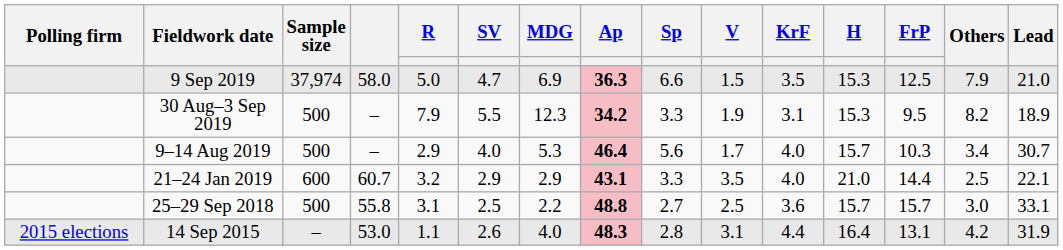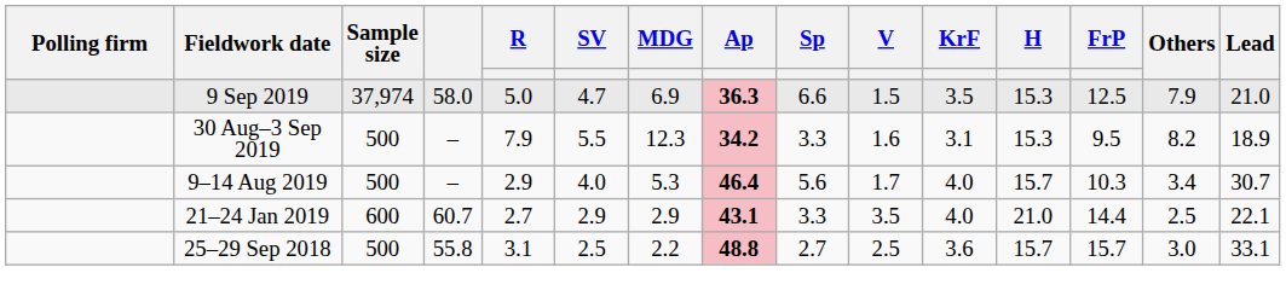 <table class="wikitable sortable" style="text-align:center;font-size:90%;line-height:14px;">
 <tr style="height:40px;">
 <th style="width:100px;" rowspan="2">Polling firm</th>
 <th style="width:100px;" rowspan="2">Fieldwork date</th>
 <th style="width:35px;" rowspan="2">Sample<br>size</th>
 <th style="width:30px;" rowspan="2"></th>
 <th class="unsortable" style="width:40px;"><a href='#'>R</a></th>
 <th class="unsortable" style="width:40px;"><a href='#'>SV</a></th>
 <th class="unsortable" style="width:40px;"><a href='#'>MDG</a></th>
 <th class="unsortable" style="width:40px;"><a href='#'>Ap</a></th>
 <th class="unsortable" style="width:40px;"><a href='#'>Sp</a></th>
 <th class="unsortable" style="width:40px;"><a href='#'>V</a></th>
 <th class="unsortable" style="width:40px;"><a href='#'>KrF</a></th>
 <th class="unsortable" style="width:40px;"><a href='#'>H</a></th>
 <th class="unsortable" style="width:40px;"><a href='#'>FrP</a></th>
 <th class="unsortable" style="width:30px;" rowspan="2">Others</th>
 <th style="width:30px;" rowspan="2">Lead</th>
 </tr>
 <tr>
 <th style="background:"></th>
 <th style="background:"></th>
 <th style="background:"></th>
 <th style="background:"></th>
 <th style="background:"></th>
 <th style="background:"></th>
 <th style="background:"></th>
 <th style="background:"></th>
 <th style="background:"></th>
 </tr>
 <tr style="background:#E9E9E9;">
 <td></td>
 <td data-sort-value="2019-09-09">9 Sep 2019</td>
 <td>37,974</td>
 <td>58.0</td>
 <td>5.0</td>
 <td>4.7</td>
 <td>6.9</td>
 <td style="background:#F7BDC5;"><strong>36.3</strong></td>
 <td>6.6</td>
 <td>1.5</td>
 <td>3.5</td>
 <td>15.3</td>
 <td>12.5</td>
 <td>7.9</td>
 <td style="background:">21.0</td>
 </tr>
 <tr>
 <td></td>
 <td data-sort-value="2019-09-05">30 Aug–3 Sep 2019</td>
 <td>500</td>
 <td>–</td>
 <td>7.9</td>
 <td>5.5</td>
 <td>12.3</td>
 <td style="background:#F7BDC5;"><strong>34.2</strong></td>
 <td>3.3</td>
-<td>1.9</td>
+<td>1.6</td>
 <td>3.1</td>
 <td>15.3</td>
 <td>9.5</td>
 <td>8.2</td>
 <td style="background:">18.9</td>
 </tr>
 <tr>
 <td></td>
 <td data-sort-value="2019-08-19">9–14 Aug 2019</td>
 <td>500</td>
 <td>–</td>
 <td>2.9</td>
 <td>4.0</td>
 <td>5.3</td>
 <td style="background:#F7BDC5;"><strong>46.4</strong></td>
 <td>5.6</td>
 <td>1.7</td>
 <td>4.0</td>
 <td>15.7</td>
 <td>10.3</td>
 <td>3.4</td>
 <td style="background:">30.7</td>
 </tr>
 <tr>
 <td></td>
 <td data-sort-value="2019-01-24">21–24 Jan 2019</td>
 <td>600</td>
 <td>60.7</td>
-<td>3.2</td>
+<td>2.7</td>
 <td>2.9</td>
 <td>2.9</td>
 <td style="background:#F7BDC5;"><strong>43.1</strong></td>
 <td>3.3</td>
 <td>3.5</td>
 <td>4.0</td>
 <td>21.0</td>
 <td>14.4</td>
 <td>2.5</td>
 <td style="background:">22.1</td>
 </tr>
 <tr>
 <td></td>
 <td data-sort-value="2018-09-29">25–29 Sep 2018</td>
 <td>500</td>
 <td>55.8</td>
 <td>3.1</td>
 <td>2.5</td>
 <td>2.2</td>
 <td style="background:#F7BDC5;"><strong>48.8</strong></td>
 <td>2.7</td>
 <td>2.5</td>
 <td>3.6</td>
 <td>15.7</td>
 <td>15.7</td>
 <td>3.0</td>
 <td style="background:">33.1</td>
 </tr>
-<tr style="background:#E9E9E9;">
-<td><a href='#'>2015 elections</a></td>
-<td data-sort-value="2015-09-14">14 Sep 2015</td>
-<td>–</td>
-<td>53.0</td>
-<td>1.1</td>
-<td>2.6</td>
-<td>4.0</td>
-<td style="background:#F7BDC5;"><strong>48.3</strong></td>
-<td>2.8</td>
-<td>3.1</td>
-<td>4.4</td>
-<td>16.4</td>
-<td>13.1</td>
-<td>4.2</td>
-<td style="background:">31.9</td>
-</tr>
 </table>
